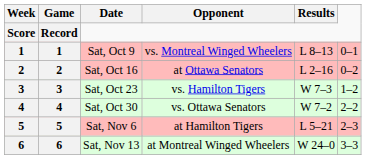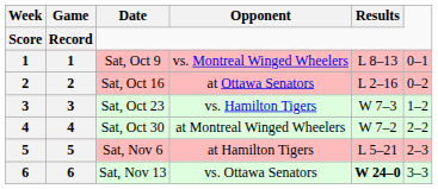 <table class="wikitable" style="text-align:center">
 <tr>
 <th>Week</th>
 <th>Game</th>
 <th>Date</th>
 <th>Opponent</th>
 <th>Results</th>
 </tr>
 <tr>
 <th>Score</th>
 <th>Record</th>
 </tr>
 <tr style="background:#ffbbbb">
 <th>1</th>
 <th>1</th>
 <td>Sat, Oct 9</td>
 <td>vs. <a href='#'>Montreal Winged Wheelers</a></td>
 <td>L 8–13</td>
 <td>0–1</td>
 </tr>
 <tr style="background:#ffbbbb">
 <th>2</th>
 <th>2</th>
 <td>Sat, Oct 16</td>
 <td>at <a href='#'>Ottawa Senators</a></td>
 <td>L 2–16</td>
 <td>0–2</td>
 </tr>
 <tr style="background:#ddffdd">
 <th>3</th>
 <th>3</th>
 <td>Sat, Oct 23</td>
 <td>vs. <a href='#'>Hamilton Tigers</a></td>
 <td>W 7–3</td>
 <td>1–2</td>
 </tr>
 <tr style="background:#ddffdd">
 <th>4</th>
 <th>4</th>
 <td>Sat, Oct 30</td>
-<td>vs. Ottawa Senators</td>
+<td>at Montreal Winged Wheelers</td>
 <td>W 7–2</td>
 <td>2–2</td>
 </tr>
 <tr style="background:#ffbbbb">
 <th>5</th>
 <th>5</th>
 <td>Sat, Nov 6</td>
 <td>at Hamilton Tigers</td>
 <td>L 5–21</td>
 <td>2–3</td>
 </tr>
 <tr style="background:#ddffdd">
 <th>6</th>
 <th>6</th>
 <td>Sat, Nov 13</td>
-<td>at Montreal Winged Wheelers</td>
-<td>W 24–0</td>
+<td>vs. Ottawa Senators</td>
+<td><strong>W 24–0</strong></td>
 <td>3–3</td>
 </tr>
 </table>
